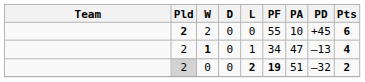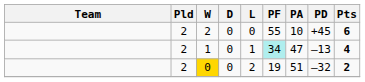 <table class="wikitable" style="text-align:center;">
 <tr>
 <th width=190>Team</th>
 <th width=20 abbr="Played">Pld</th>
 <th width=20 abbr="Won">W</th>
 <th width=20 abbr="Drawn">D</th>
 <th width=20 abbr="Lost">L</th>
 <th width=20 abbr="Points for">PF</th>
 <th width=20 abbr="Points against">PA</th>
 <th width=25 abbr="Points difference">PD</th>
 <th width=20 abbr="Points">Pts</th>
 </tr>
 <tr>
 <td align=left></td>
-<td><strong>2</strong></td>
+<td>2</td>
 <td>2</td>
 <td>0</td>
 <td>0</td>
 <td>55</td>
 <td>10</td>
 <td>+45</td>
 <td><strong>6</strong></td>
 </tr>
 <tr>
 <td align=left></td>
 <td>2</td>
-<td><strong>1</strong></td>
+<td>1</td>
 <td>0</td>
 <td>1</td>
-<td>34</td>
+<td style="background: paleturquoise;">34</td>
 <td>47</td>
 <td>–13</td>
 <td><strong>4</strong></td>
 </tr>
 <tr>
 <td align=left></td>
-<td style="background: lightgrey;">2</td>
+<td>2</td>
+<td style="background: gold;">0</td>
 <td>0</td>
-<td>0</td>
-<td><strong>2</strong></td>
-<td><strong>19</strong></td>
+<td>2</td>
+<td>19</td>
 <td>51</td>
 <td>–32</td>
 <td><strong>2</strong></td>
 </tr>
 <tr>
 </tr>
 </table>
